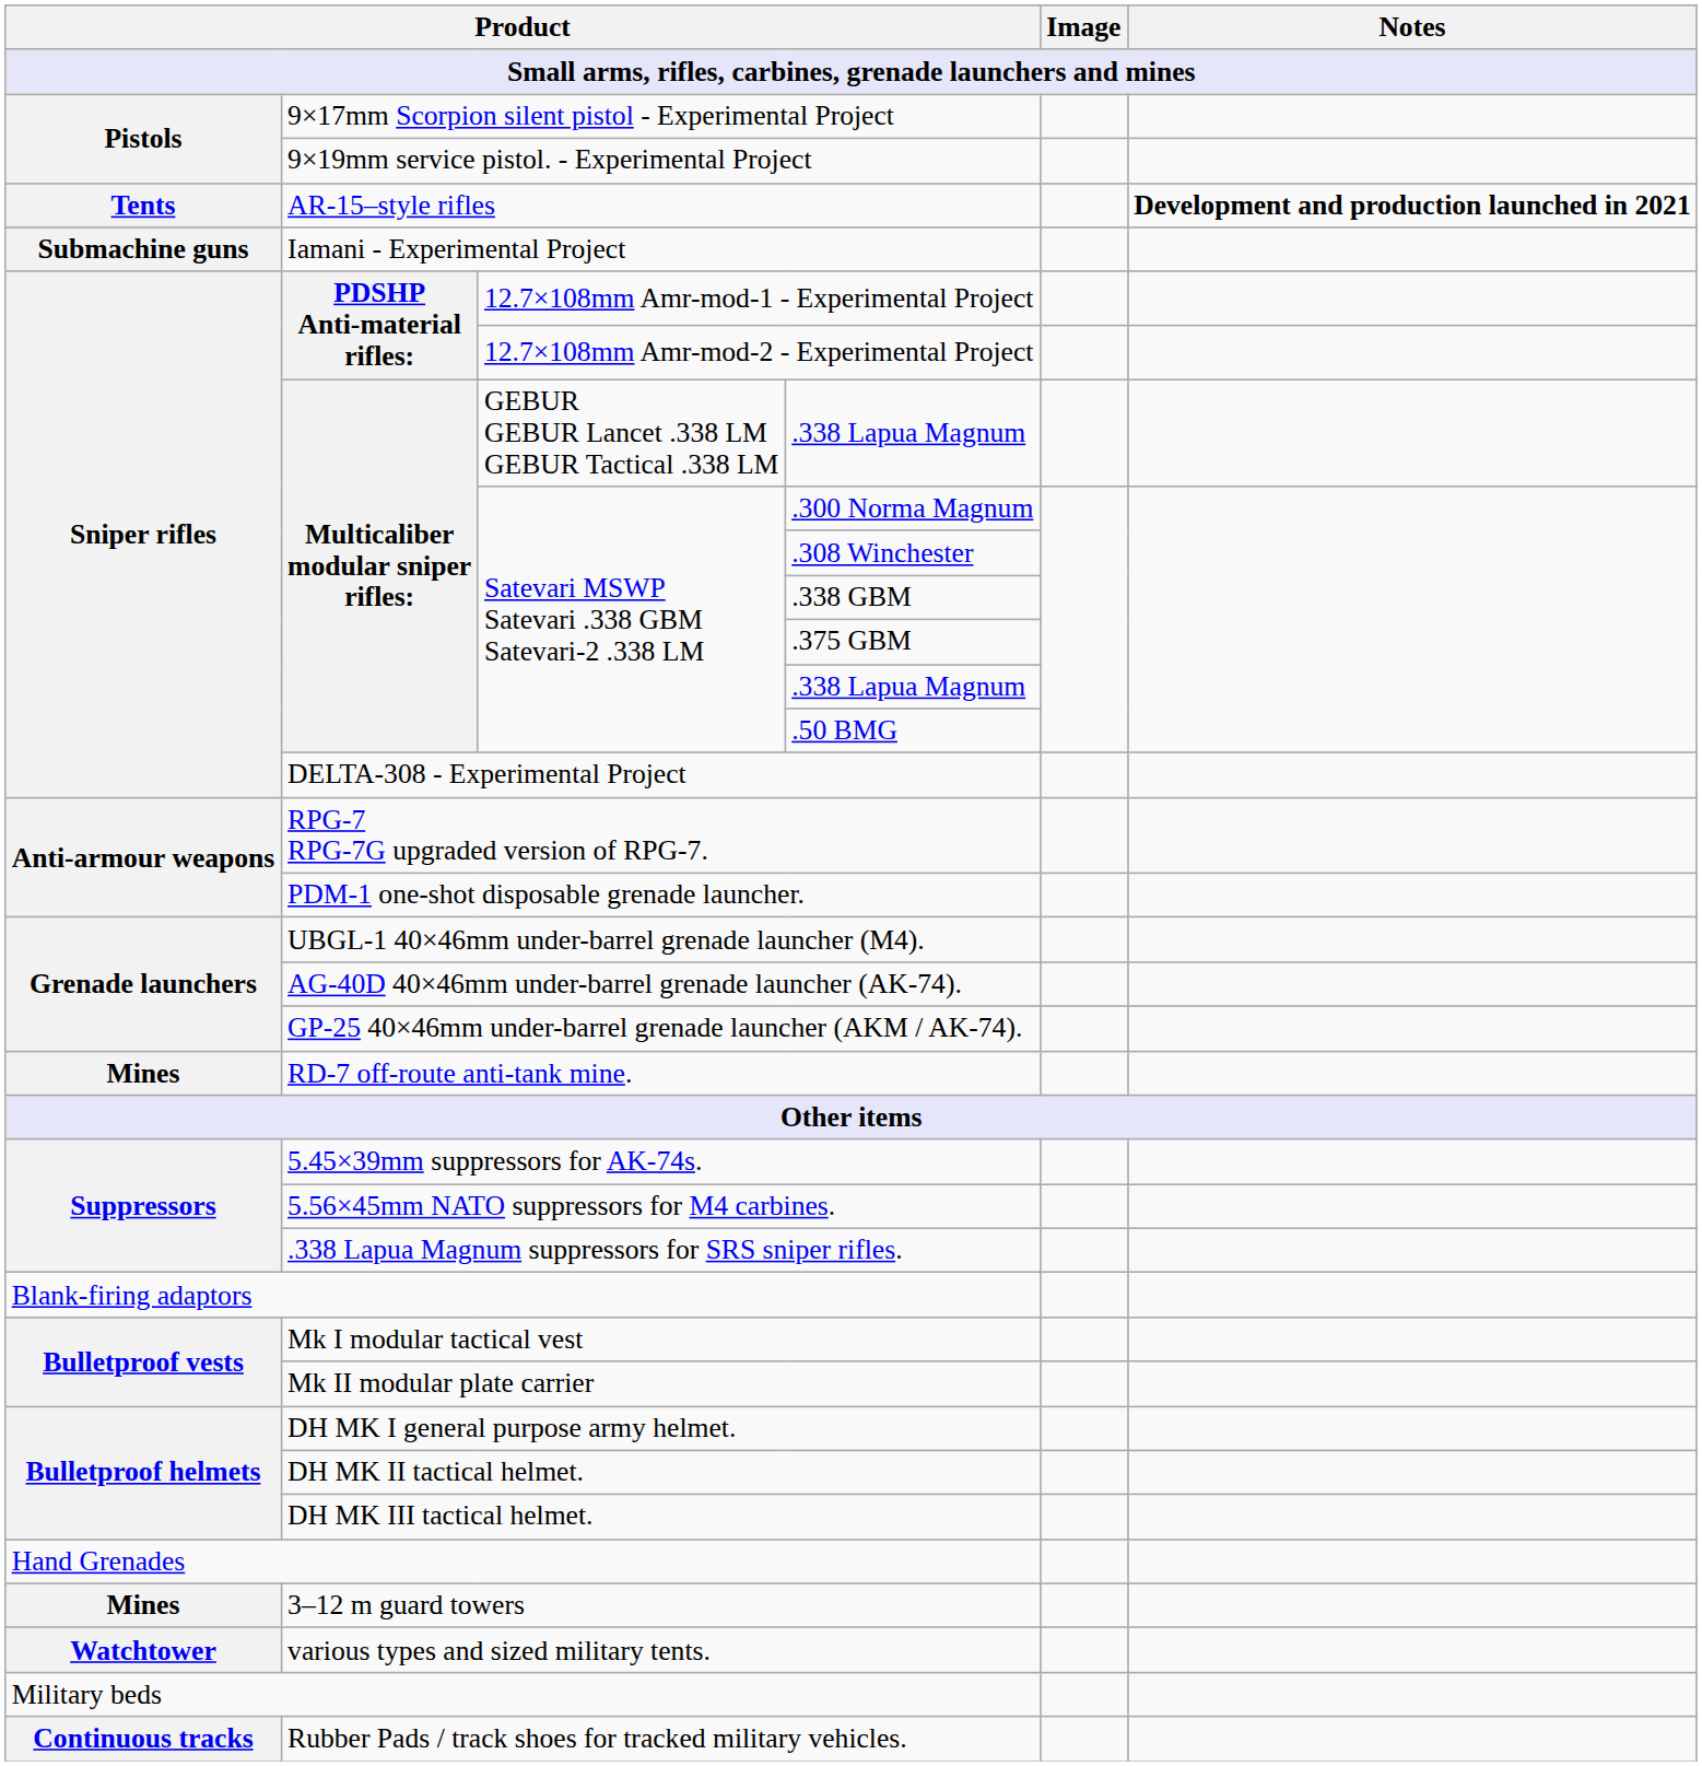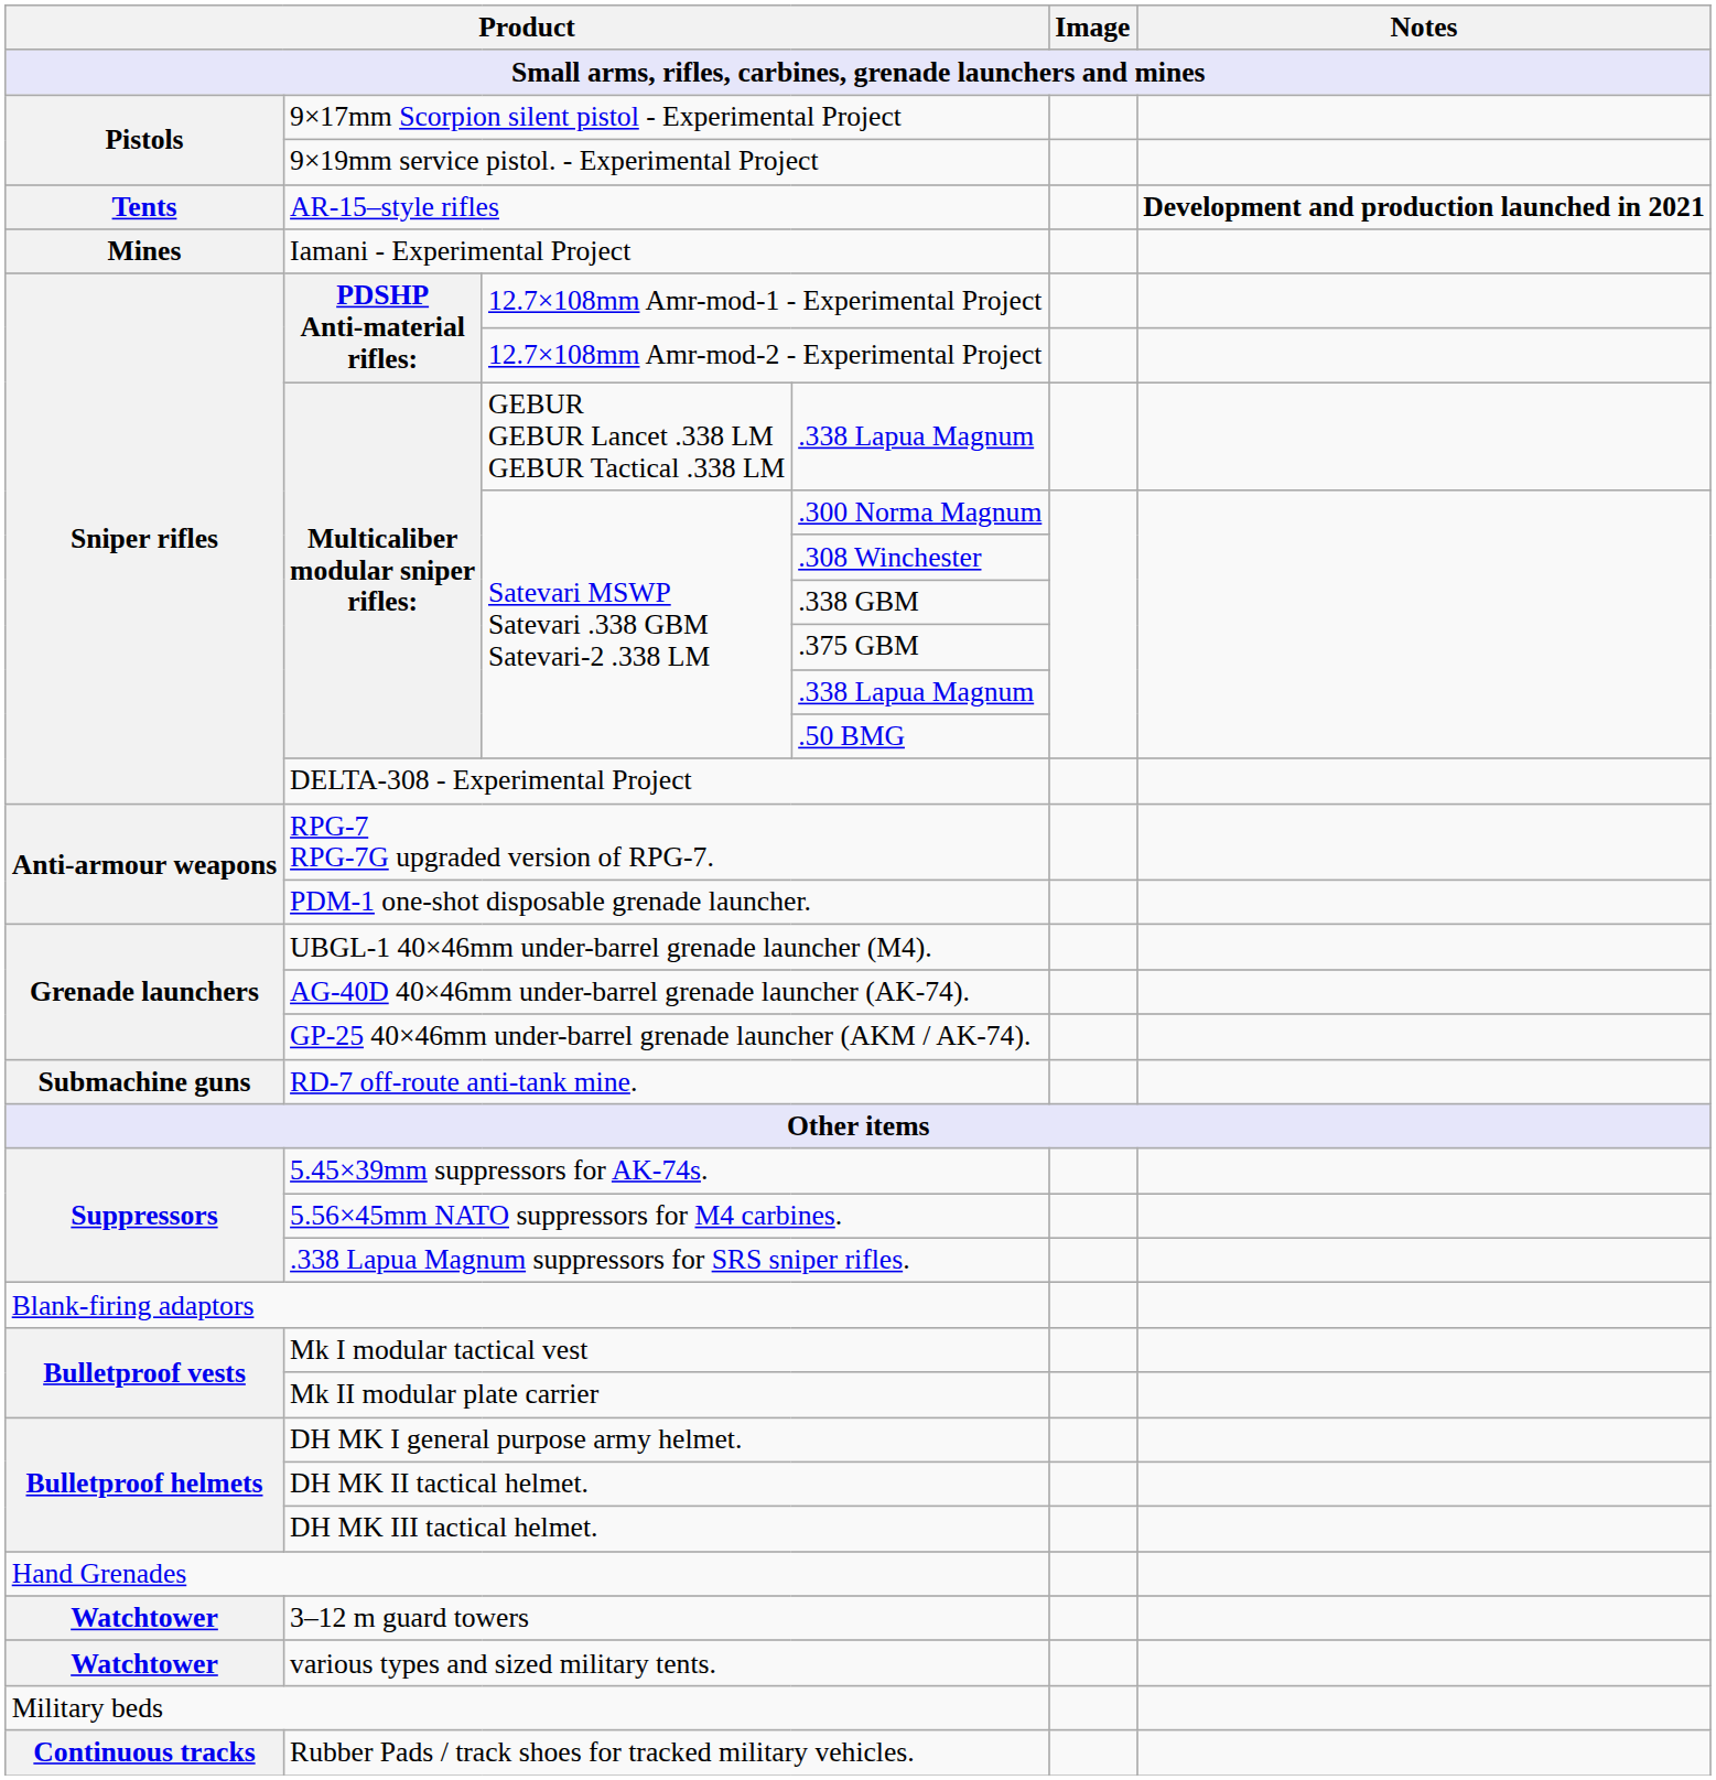 <table class="wikitable">
 <tr>
 <th style="text-align: center;" colspan="4">Product</th>
 <th style="text-align: center;">Image</th>
 <th style="text-align: center;">Notes</th>
 </tr>
 <tr>
 <th style="align: center; background: lavender;" colspan="6">Small arms, rifles, carbines, grenade launchers and mines</th>
 </tr>
 <tr>
 <th rowspan="2">Pistols</th>
 <td colspan="3">9×17mm <a href='#'>Scorpion silent pistol</a> - Experimental Project</td>
 <td></td>
 <td></td>
 </tr>
 <tr>
 <td colspan="3">9×19mm service pistol. - Experimental Project</td>
 <td></td>
 <td></td>
 </tr>
 <tr>
 <th><a href='#'>Tents</a></th>
 <td colspan="3"><a href='#'>AR-15–style rifles</a></td>
 <td></td>
 <td><strong>Development and production launched in 2021</strong></td>
 </tr>
 <tr>
-<th>Submachine guns</th>
+<th>Mines</th>
 <td colspan="3">Iamani - Experimental Project</td>
 <td></td>
 <td></td>
 </tr>
 <tr>
 <th rowspan="10">Sniper rifles</th>
 <th rowspan="2"><a href='#'>PDSHP</a><br>Anti-material<br>rifles:</th>
 <td colspan="2"><a href='#'>12.7×108mm</a> Amr-mod-1 - Experimental Project</td>
 <td></td>
 <td></td>
 </tr>
 <tr>
 <td colspan="2"><a href='#'>12.7×108mm</a> Amr-mod-2 - Experimental Project</td>
 <td></td>
 <td></td>
 </tr>
 <tr>
 <th rowspan="7" style="align: center;">Multicaliber<br>modular sniper<br>rifles:</th>
 <td>GEBUR<br>GEBUR Lancet .338 LM<br>GEBUR Tactical .338 LM</td>
 <td><a href='#'>.338 Lapua Magnum</a></td>
 <td></td>
 </tr>
 <tr>
 <td rowspan="6"><a href='#'>Satevari MSWP</a><br>Satevari .338 GBM<br>Satevari-2 .338 LM</td>
 <td><a href='#'>.300 Norma Magnum</a></td>
 <td rowspan="6"></td>
 <td rowspan="6"></td>
 </tr>
 <tr>
 <td><a href='#'>.308 Winchester</a></td>
 </tr>
 <tr>
 <td>.338 GBM</td>
 </tr>
 <tr>
 <td>.375 GBM</td>
 </tr>
 <tr>
 <td><a href='#'>.338 Lapua Magnum</a></td>
 </tr>
 <tr>
 <td><a href='#'>.50 BMG</a></td>
 </tr>
 <tr>
 <td colspan="3">DELTA-308 - Experimental Project</td>
 <td></td>
 <td></td>
 </tr>
 <tr>
 <th rowspan="2">Anti-armour weapons</th>
 <td colspan="3"><a href='#'>RPG-7</a><br><a href='#'>RPG-7G</a> upgraded version of RPG-7.</td>
 <td></td>
 <td></td>
 </tr>
 <tr>
 <td colspan="3"><a href='#'>PDM-1</a> one-shot disposable grenade launcher.</td>
 <td></td>
 <td></td>
 </tr>
 <tr>
 <th rowspan="3">Grenade launchers</th>
 <td colspan="3">UBGL-1 40×46mm under-barrel grenade launcher (M4).</td>
 <td></td>
 <td></td>
 </tr>
 <tr>
 <td colspan="3"><a href='#'>AG-40D</a> 40×46mm under-barrel grenade launcher (AK-74).</td>
 <td></td>
 <td></td>
 </tr>
 <tr>
 <td colspan="3"><a href='#'>GP-25</a> 40×46mm under-barrel grenade launcher (AKM / AK-74).</td>
 <td></td>
 <td></td>
 </tr>
 <tr>
-<th>Mines</th>
+<th>Submachine guns</th>
 <td colspan="3"><a href='#'>RD-7 off-route anti-tank mine</a>.</td>
 <td></td>
 <td></td>
 </tr>
 <tr>
 <th style="align: center; background: lavender;" colspan="6">Other items</th>
 </tr>
 <tr>
 <th rowspan="3"><a href='#'>Suppressors</a></th>
 <td colspan="3"><a href='#'>5.45×39mm</a> suppressors for <a href='#'>AK-74s</a>.</td>
 <td></td>
 <td></td>
 </tr>
 <tr>
 <td colspan="3"><a href='#'>5.56×45mm NATO</a> suppressors for <a href='#'>M4 carbines</a>.</td>
 <td></td>
 <td></td>
 </tr>
 <tr>
 <td colspan="3"><a href='#'>.338 Lapua Magnum</a> suppressors for <a href='#'>SRS sniper rifles</a>.</td>
 <td></td>
 <td></td>
 </tr>
 <tr>
 <td colspan="4"><a href='#'>Blank-firing adaptors</a></td>
 <td></td>
 <td></td>
 </tr>
 <tr>
 <th rowspan="2"><a href='#'>Bulletproof vests</a></th>
 <td colspan="3">Mk I modular tactical vest</td>
 <td></td>
 <td></td>
 </tr>
 <tr>
 <td colspan="3">Mk II modular plate carrier</td>
 <td></td>
 <td></td>
 </tr>
 <tr>
 <th rowspan="3"><a href='#'>Bulletproof helmets</a></th>
 <td colspan="3">DH MK I general purpose army helmet.</td>
 <td></td>
 <td></td>
 </tr>
 <tr>
 <td colspan="3">DH MK II tactical helmet.</td>
 <td></td>
 <td></td>
 </tr>
 <tr>
 <td colspan="3">DH MK III tactical helmet.</td>
 <td></td>
 <td></td>
 </tr>
 <tr>
 <td colspan="4"><a href='#'>Hand Grenades</a></td>
 <td></td>
 <td></td>
 </tr>
 <tr>
-<th>Mines</th>
+<th><a href='#'>Watchtower</a></th>
 <td colspan="3">3–12 m guard towers</td>
 <td></td>
 <td></td>
 </tr>
 <tr>
 <th><a href='#'>Watchtower</a></th>
 <td colspan="3">various types and sized military tents.</td>
 <td></td>
 <td></td>
 </tr>
 <tr>
 <td colspan="4">Military beds</td>
 <td></td>
 <td></td>
 </tr>
 <tr>
 <th rowspan="2"><a href='#'>Continuous tracks</a></th>
 <td colspan="3">Rubber Pads / track shoes for tracked military vehicles.</td>
 <td></td>
 <td></td>
 </tr>
 </table>
